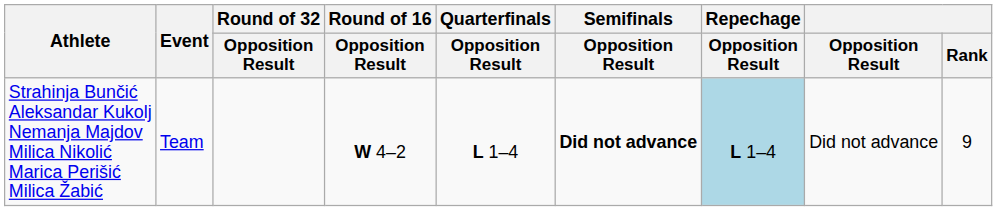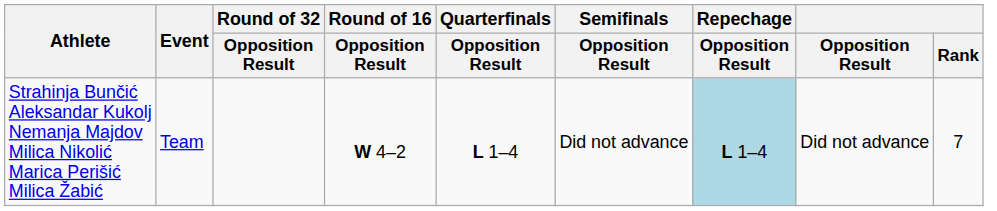 <table class="wikitable" style="font-size:90%">
 <tr>
 <th rowspan="2">Athlete</th>
 <th rowspan="2">Event</th>
 <th>Round of 32</th>
 <th>Round of 16</th>
 <th>Quarterfinals</th>
 <th>Semifinals</th>
 <th>Repechage</th>
 <th colspan=2></th>
 </tr>
 <tr style="font-size:95%">
 <th>Opposition<br>Result</th>
 <th>Opposition<br>Result</th>
 <th>Opposition<br>Result</th>
 <th>Opposition<br>Result</th>
 <th>Opposition<br>Result</th>
 <th>Opposition<br>Result</th>
 <th>Rank</th>
 </tr>
 <tr align=center>
 <td align=left><a href='#'>Strahinja Bunčić</a><br><a href='#'>Aleksandar Kukolj</a><br><a href='#'>Nemanja Majdov</a><br><a href='#'>Milica Nikolić</a><br><a href='#'>Marica Perišić</a><br><a href='#'>Milica Žabić</a><br></td>
 <td align=left><a href='#'>Team</a></td>
 <td></td>
 <td><br><strong>W</strong> 4–2</td>
 <td><br><strong>L</strong> 1–4</td>
-<td><strong>Did not advance</strong></td>
+<td>Did not advance</td>
 <td style="background: lightblue;"> <br><strong>L</strong> 1–4</td>
 <td>Did not advance</td>
-<td>9</td>
+<td>7</td>
 </tr>
 </table>
